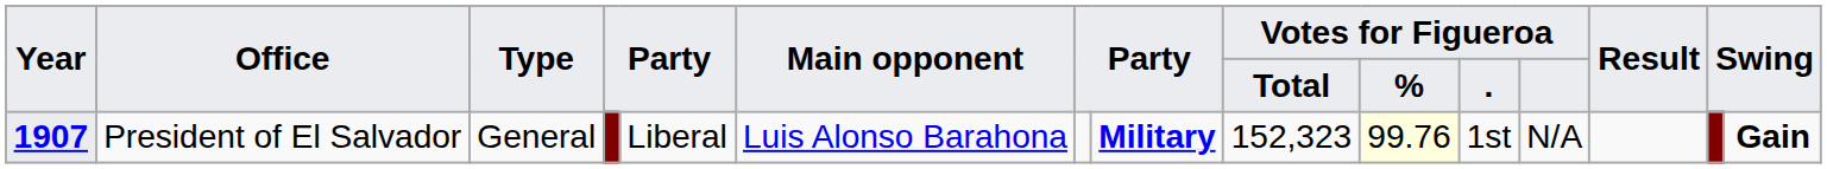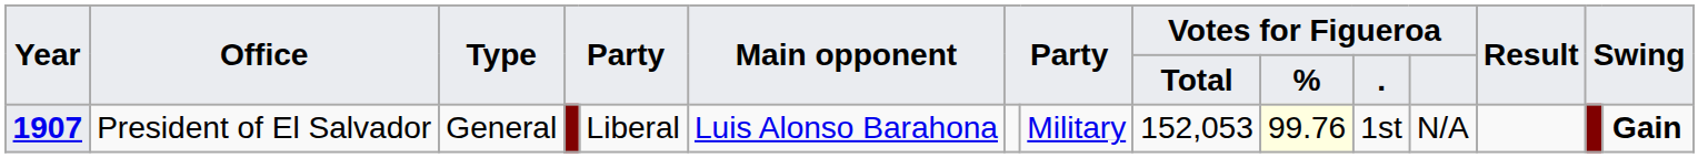 <table class="wikitable" style="font-size:90%; text-align:center;">
 <tr>
 <th style="background-color:#EAECF0;" rowspan="2">Year</th>
 <th style="background-color:#EAECF0;" rowspan="2">Office</th>
 <th style="background-color:#EAECF0;" rowspan="2">Type</th>
 <th style="background-color:#EAECF0;" colspan="2" rowspan="2">Party</th>
 <th style="background-color:#EAECF0;" rowspan="2">Main opponent</th>
 <th style="background-color:#EAECF0;" colspan="2" rowspan="2">Party</th>
 <th style="background-color:#EAECF0;" colspan="4">Votes for Figueroa</th>
 <th style="background-color:#EAECF0;" rowspan="2">Result</th>
 <th style="background-color:#EAECF0;" colspan="2" rowspan="2">Swing</th>
 </tr>
 <tr>
 <th style="background-color:#EAECF0;">Total</th>
 <th style="background-color:#EAECF0;">%</th>
 <th style="background-color:#EAECF0;">.</th>
 <th style="background-color:#EAECF0;"></th>
 </tr>
 <tr>
 <th style="background-color:#EAECF0;"><a href='#'>1907</a></th>
 <td>President of El Salvador</td>
 <td>General</td>
 <td style="background-color:Maroon;"></td>
 <td>Liberal</td>
 <td><a href='#'>Luis Alonso Barahona</a></td>
 <td style="background-color:"></td>
-<td><strong><a href='#'>Military</a></strong></td>
-<td>152,323</td>
+<td><a href='#'>Military</a></td>
+<td>152,053</td>
 <td style="background: lightyellow;">99.76</td>
 <td>1st</td>
 <td>N/A</td>
 <td></td>
 <td style="background-color:Maroon;"></td>
 <td><strong>Gain</strong></td>
 </tr>
 </table>
